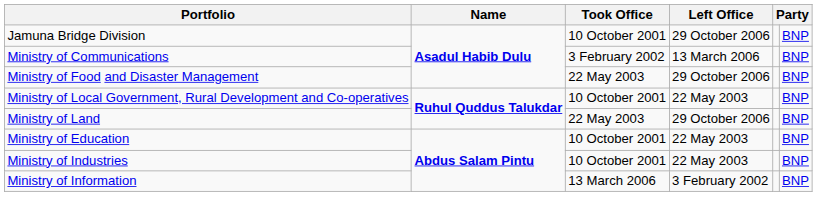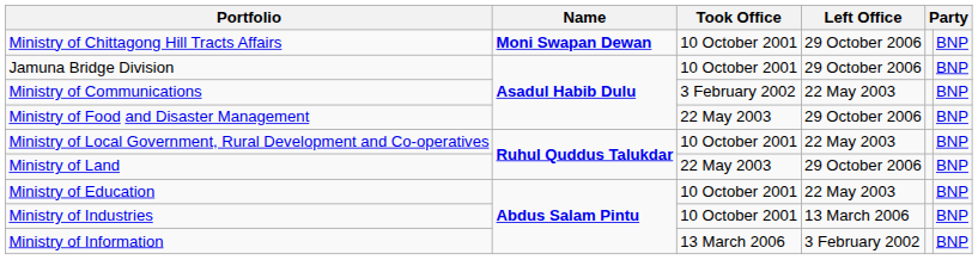 <table class="wikitable sortable">
 <tr>
 <th>Portfolio</th>
 <th>Name</th>
 <th>Took Office</th>
 <th>Left Office</th>
 <th colspan="2">Party</th>
+</tr>
+<tr>
+<td><a href='#'>Ministry of Chittagong Hill Tracts Affairs</a></td>
+<td><strong><a href='#'>Moni Swapan Dewan</a></strong></td>
+<td>10 October 2001</td>
+<td>29 October 2006</td>
+<td style="background-color:"></td>
+<td><a href='#'>BNP</a></td>
 </tr>
 <tr>
 <td>Jamuna Bridge Division</td>
 <td rowspan="3"><strong><a href='#'>Asadul Habib Dulu</a></strong></td>
 <td>10 October 2001</td>
 <td>29 October 2006</td>
 <td style="background-color:"></td>
 <td><a href='#'>BNP</a></td>
 </tr>
 <tr>
 <td><a href='#'>Ministry of Communications</a></td>
 <td>3 February 2002</td>
-<td>13 March 2006</td>
+<td>22 May 2003</td>
 <td style="background-color:"></td>
 <td><a href='#'>BNP</a></td>
 </tr>
 <tr>
 <td><a href='#'>Ministry of Food</a> <a href='#'>and Disaster Management</a></td>
 <td>22 May 2003</td>
 <td>29 October 2006</td>
 <td style="background-color:"></td>
 <td><a href='#'>BNP</a></td>
 </tr>
 <tr>
 <td><a href='#'>Ministry of Local Government, Rural Development and Co-operatives</a></td>
 <td rowspan="2"><strong><a href='#'>Ruhul Quddus Talukdar</a></strong></td>
 <td>10 October 2001</td>
 <td>22 May 2003</td>
 <td style="background-color:"></td>
 <td><a href='#'>BNP</a></td>
 </tr>
 <tr>
 <td><a href='#'>Ministry of Land</a></td>
 <td>22 May 2003</td>
 <td>29 October 2006</td>
 <td style="background-color:"></td>
 <td><a href='#'>BNP</a></td>
 </tr>
 <tr>
 <td><a href='#'>Ministry of Education</a></td>
 <td rowspan="3"><strong><a href='#'>Abdus Salam Pintu</a></strong></td>
 <td>10 October 2001</td>
 <td>22 May 2003</td>
 <td style="background-color:"></td>
 <td><a href='#'>BNP</a></td>
 </tr>
 <tr>
 <td><a href='#'>Ministry of Industries</a></td>
 <td>10 October 2001</td>
-<td>22 May 2003</td>
+<td>13 March 2006</td>
 <td style="background-color:"></td>
 <td><a href='#'>BNP</a></td>
 </tr>
 <tr>
 <td><a href='#'>Ministry of Information</a></td>
 <td>13 March 2006</td>
 <td>3 February 2002</td>
 <td style="background-color:"></td>
 <td><a href='#'>BNP</a></td>
 </tr>
 </table>
